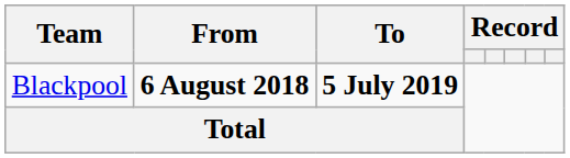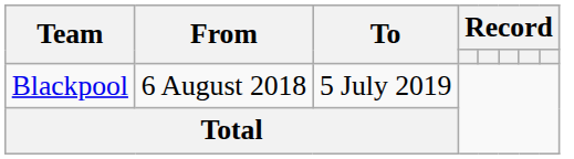 <table class=wikitable style=text-align:center>
 <tr>
 <th rowspan=2>Team</th>
 <th rowspan=2>From</th>
 <th rowspan=2>To</th>
 <th colspan=5>Record</th>
 </tr>
 <tr>
 <th></th>
 <th></th>
 <th></th>
 <th></th>
 <th></th>
 </tr>
 <tr>
 <td align="left"><a href='#'>Blackpool</a></td>
-<td align=left><strong>6 August 2018</strong></td>
-<td align=left><strong>5 July 2019<br></strong></td>
+<td align=left>6 August 2018</td>
+<td align=left>5 July 2019<br></td>
 </tr>
 <tr>
 <th colspan=3>Total<br></th>
 </tr>
 </table>
